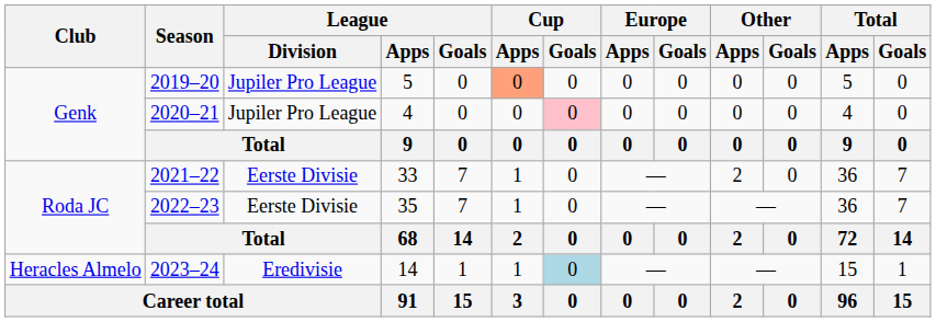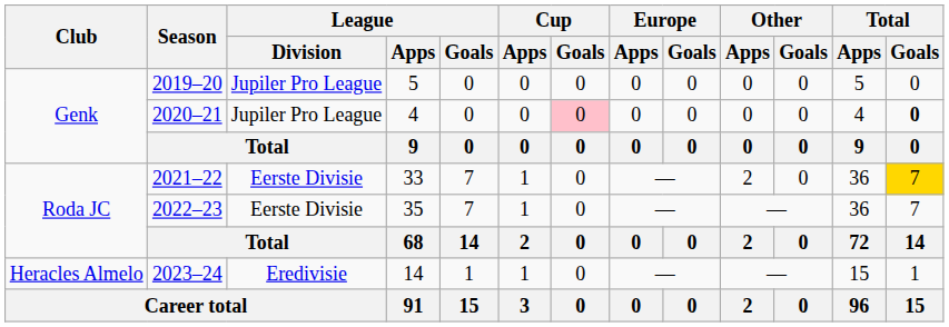 <table class="wikitable" style="text-align:center">
 <tr>
 <th rowspan="2">Club</th>
 <th rowspan="2">Season</th>
 <th colspan="3">League</th>
 <th colspan="2">Cup</th>
 <th colspan="2">Europe</th>
 <th colspan="2">Other</th>
 <th colspan="2">Total</th>
 </tr>
 <tr>
 <th>Division</th>
 <th>Apps</th>
 <th>Goals</th>
 <th>Apps</th>
 <th>Goals</th>
 <th>Apps</th>
 <th>Goals</th>
 <th>Apps</th>
 <th>Goals</th>
 <th>Apps</th>
 <th>Goals</th>
 </tr>
 <tr>
 <td rowspan="3"><a href='#'>Genk</a></td>
 <td><a href='#'>2019–20</a></td>
 <td><a href='#'>Jupiler Pro League</a></td>
 <td>5</td>
 <td>0</td>
-<td style="background: lightsalmon;">0</td>
+<td>0</td>
 <td>0</td>
 <td>0</td>
 <td>0</td>
 <td>0</td>
 <td>0</td>
 <td>5</td>
 <td>0</td>
 </tr>
 <tr>
 <td><a href='#'>2020–21</a></td>
 <td>Jupiler Pro League</td>
 <td>4</td>
 <td>0</td>
 <td>0</td>
 <td style="background: pink;">0</td>
 <td>0</td>
 <td>0</td>
 <td>0</td>
 <td>0</td>
 <td>4</td>
-<td>0</td>
+<td><strong>0</strong></td>
 </tr>
 <tr>
 <th colspan="2">Total</th>
 <th>9</th>
 <th>0</th>
 <th>0</th>
 <th>0</th>
 <th>0</th>
 <th>0</th>
 <th>0</th>
 <th>0</th>
 <th>9</th>
 <th>0</th>
 </tr>
 <tr>
 <td rowspan="3"><a href='#'>Roda JC</a></td>
 <td><a href='#'>2021–22</a></td>
 <td><a href='#'>Eerste Divisie</a></td>
 <td>33</td>
 <td>7</td>
 <td>1</td>
 <td>0</td>
 <td colspan="2">—</td>
 <td>2</td>
 <td>0</td>
 <td>36</td>
-<td>7</td>
+<td style="background: gold;">7</td>
 </tr>
 <tr>
 <td><a href='#'>2022–23</a></td>
 <td>Eerste Divisie</td>
 <td>35</td>
 <td>7</td>
 <td>1</td>
 <td>0</td>
 <td colspan="2">—</td>
 <td colspan="2">—</td>
 <td>36</td>
 <td>7</td>
 </tr>
 <tr>
 <th colspan="2">Total</th>
 <th>68</th>
 <th>14</th>
 <th>2</th>
 <th>0</th>
 <th>0</th>
 <th>0</th>
 <th>2</th>
 <th>0</th>
 <th>72</th>
 <th>14</th>
 </tr>
 <tr>
 <td><a href='#'>Heracles Almelo</a></td>
 <td><a href='#'>2023–24</a></td>
 <td><a href='#'>Eredivisie</a></td>
 <td>14</td>
 <td>1</td>
 <td>1</td>
-<td style="background: lightblue;">0</td>
+<td>0</td>
 <td colspan="2">—</td>
 <td colspan="2">—</td>
 <td>15</td>
 <td>1</td>
 </tr>
 <tr>
 <th colspan="3">Career total</th>
 <th>91</th>
 <th>15</th>
 <th>3</th>
 <th>0</th>
 <th>0</th>
 <th>0</th>
 <th>2</th>
 <th>0</th>
 <th>96</th>
 <th>15</th>
 </tr>
 </table>
